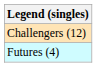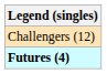 <table class=wikitable style=font-size:97%>
 <tr>
 <th>Legend (singles)</th>
 </tr>
 <tr style="background:moccasin;">
 <td>Challengers (12)</td>
 </tr>
 <tr style="background:#cffcff;">
-<td>Futures (4)</td>
+<td><strong>Futures (4)</strong></td>
 </tr>
 </table>
